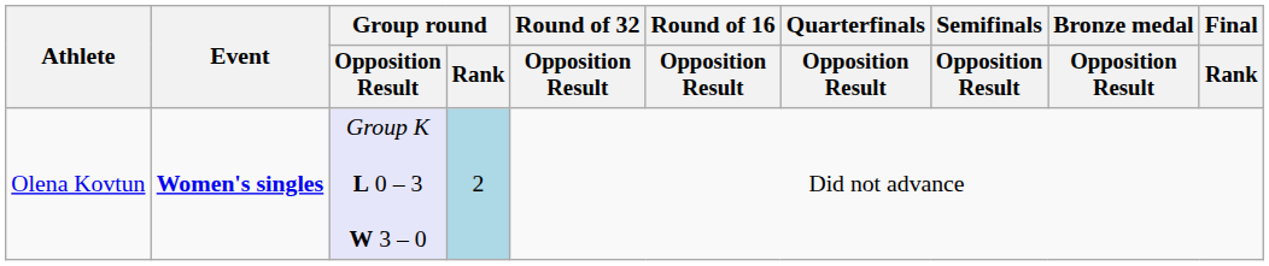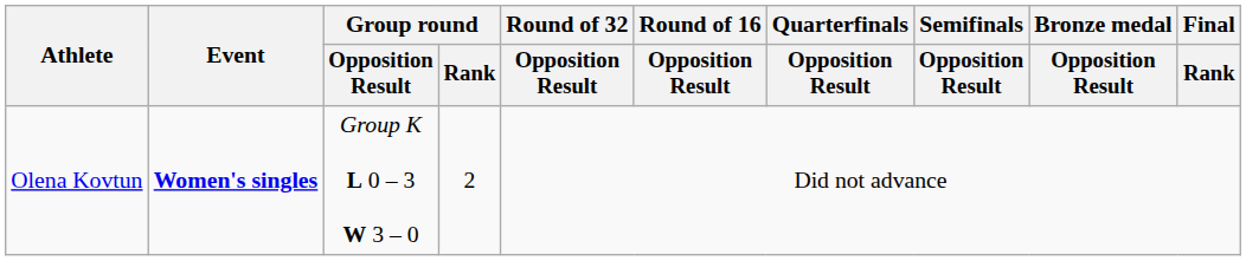 <table class="wikitable" style="font-size:90%;">
 <tr>
 <th rowspan="2">Athlete</th>
 <th rowspan="2">Event</th>
 <th colspan="2">Group round</th>
 <th>Round of 32</th>
 <th>Round of 16</th>
 <th>Quarterfinals</th>
 <th>Semifinals</th>
 <th>Bronze medal</th>
 <th colspan=2>Final</th>
 </tr>
 <tr style="font-size:95%">
 <th>Opposition<br>Result</th>
 <th>Rank</th>
 <th>Opposition<br>Result</th>
 <th>Opposition<br>Result</th>
 <th>Opposition<br>Result</th>
 <th>Opposition<br>Result</th>
 <th>Opposition<br>Result</th>
 <th>Rank</th>
 </tr>
 <tr align=center>
 <td align=left><a href='#'>Olena Kovtun</a></td>
 <td align=left><strong><a href='#'>Women's singles</a></strong></td>
-<td align=center style="background: lavender;"><em>Group K</em><br><br><strong>L</strong> 0 – 3<br><br><strong>W</strong> 3 – 0</td>
-<td style="background: lightblue;">2</td>
+<td align=center><em>Group K</em><br><br><strong>L</strong> 0 – 3<br><br><strong>W</strong> 3 – 0</td>
+<td>2</td>
 <td colspan=8>Did not advance</td>
 </tr>
 </table>
